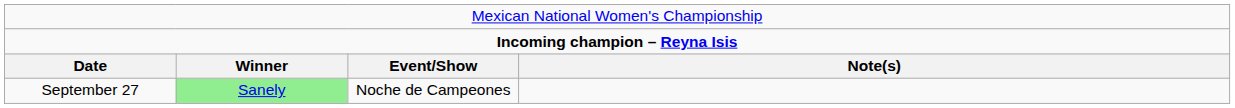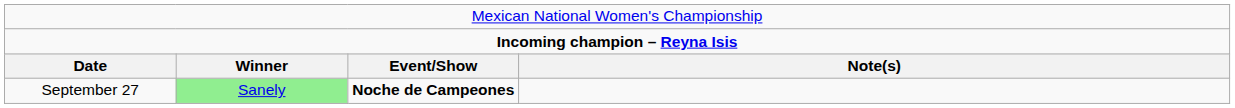 <table class="wikitable" style="text-align:center; width:100%;">
 <tr>
 <td colspan="4" style="text-align: center;"><a href='#'>Mexican National Women's Championship</a></td>
 </tr>
 <tr>
 <td colspan="4" style="text-align: center;"><strong>Incoming champion – <a href='#'>Reyna Isis</a></strong></td>
 </tr>
 <tr>
 <th width=14%>Date</th>
 <th width=14%>Winner</th>
 <th width=14%>Event/Show</th>
 <th width=58%>Note(s)</th>
 </tr>
 <tr>
 <td>September 27</td>
 <td style="background: lightgreen;"><a href='#'>Sanely</a></td>
-<td>Noche de Campeones</td>
+<td><strong>Noche de Campeones</strong></td>
 <td></td>
 </tr>
 </table>
